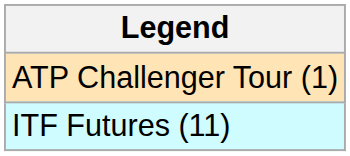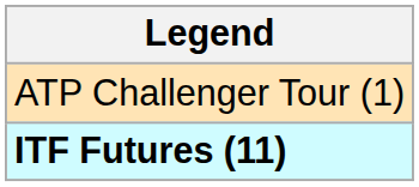 <table class="wikitable">
 <tr>
 <th>Legend</th>
 </tr>
 <tr style="background:moccasin;">
 <td>ATP Challenger Tour (1)</td>
 </tr>
 <tr style="background:#cffcff;">
-<td>ITF Futures (11)</td>
+<td><strong>ITF Futures (11)</strong></td>
 </tr>
 </table>
